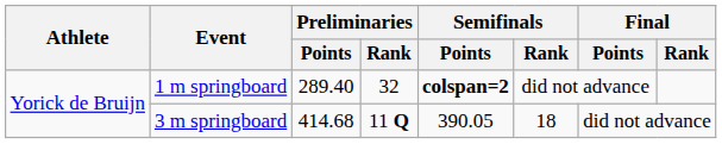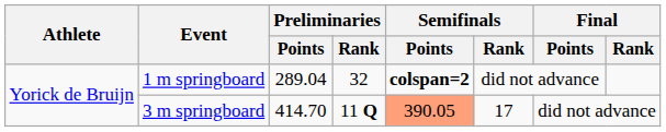 <table class=wikitable style="font-size:90%;">
 <tr>
 <th rowspan="2">Athlete</th>
 <th rowspan="2">Event</th>
 <th colspan="2">Preliminaries</th>
 <th colspan="2">Semifinals</th>
 <th colspan="2">Final</th>
 </tr>
 <tr style="font-size:95%">
 <th>Points</th>
 <th>Rank</th>
 <th>Points</th>
 <th>Rank</th>
 <th>Points</th>
 <th>Rank</th>
 </tr>
 <tr align=center>
 <td align=left rowspan=2><a href='#'>Yorick de Bruijn</a></td>
 <td align=left><a href='#'>1 m springboard</a></td>
-<td>289.40</td>
+<td>289.04</td>
 <td>32</td>
 <td><strong>colspan=2 </strong></td>
 <td colspan=2>did not advance</td>
 </tr>
 <tr align=center>
 <td align=left><a href='#'>3 m springboard</a></td>
-<td>414.68</td>
+<td>414.70</td>
 <td>11 <strong>Q</strong></td>
-<td>390.05</td>
-<td>18</td>
+<td style="background: lightsalmon;">390.05</td>
+<td>17</td>
 <td colspan=2>did not advance</td>
 </tr>
 </table>
